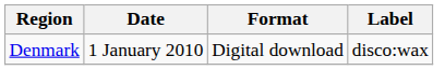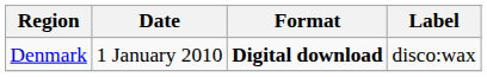 <table class=wikitable>
 <tr>
 <th>Region</th>
 <th>Date</th>
 <th>Format</th>
 <th>Label</th>
 </tr>
 <tr>
 <td><a href='#'>Denmark</a></td>
 <td>1 January 2010</td>
-<td>Digital download</td>
+<td><strong>Digital download</strong></td>
 <td>disco:wax</td>
 </tr>
 <tr>
 </tr>
 </table>
